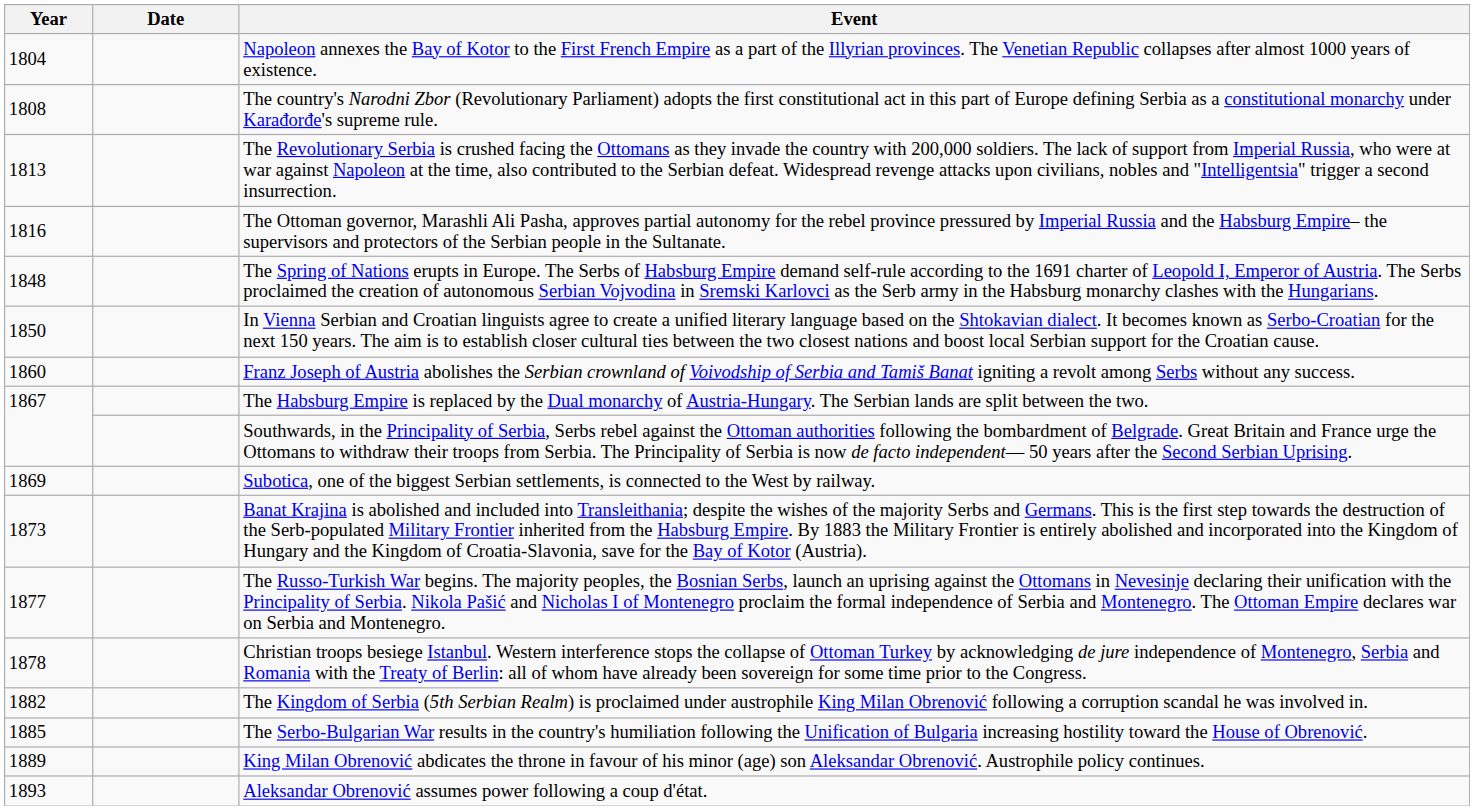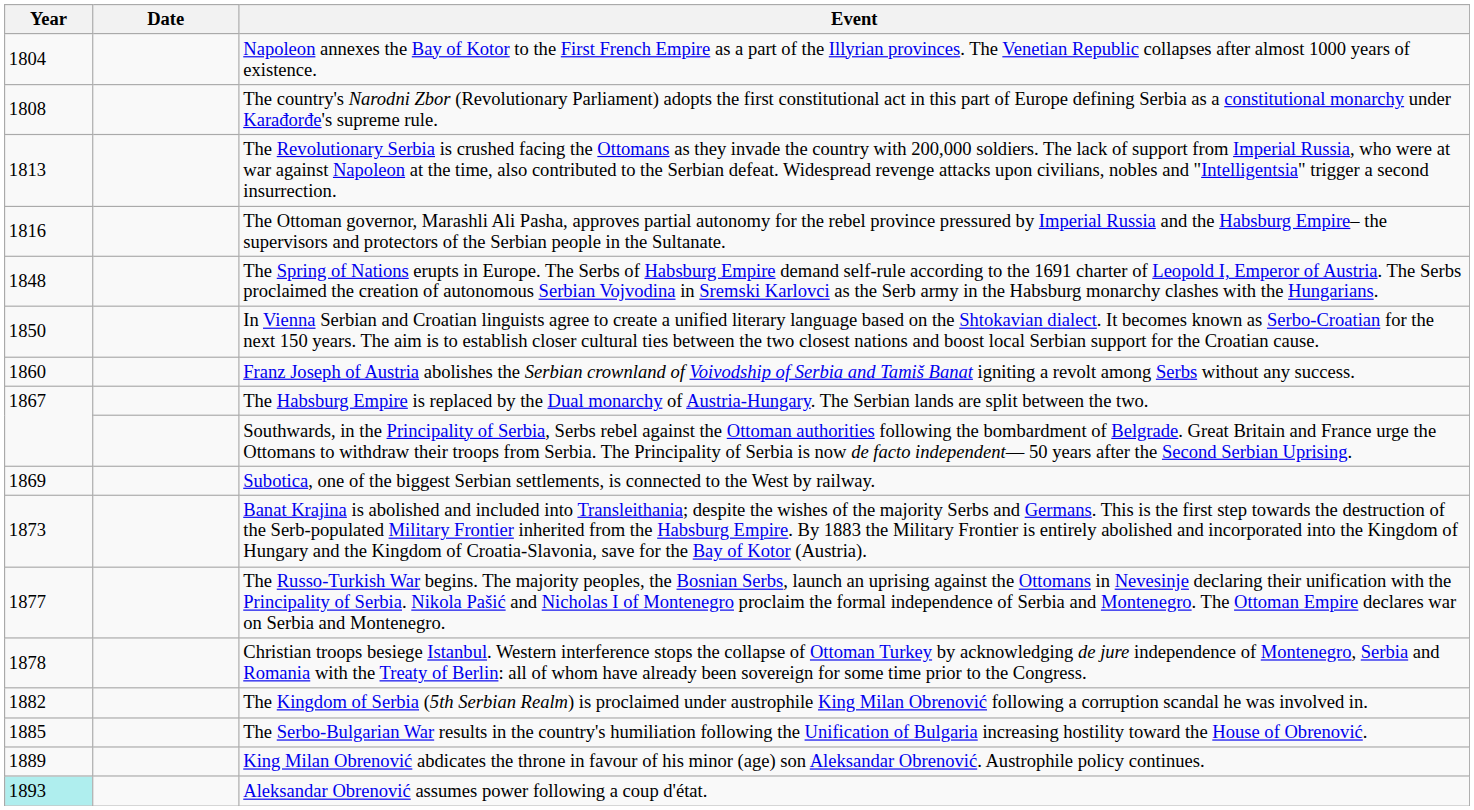 <table class="wikitable" width="100%">
 <tr>
 <th style="width:6%">Year</th>
 <th style="width:10%">Date</th>
 <th>Event</th>
 </tr>
 <tr>
 <td>1804</td>
 <td></td>
 <td><a href='#'>Napoleon</a> annexes the <a href='#'>Bay of Kotor</a> to the <a href='#'>First French Empire</a> as a part of the <a href='#'>Illyrian provinces</a>. The <a href='#'>Venetian Republic</a> collapses after almost 1000 years of existence.</td>
 </tr>
 <tr>
 <td>1808</td>
 <td></td>
 <td>The country's <em>Narodni Zbor</em> (Revolutionary Parliament) adopts the first constitutional act in this part of Europe defining Serbia as a <a href='#'>constitutional monarchy</a> under <a href='#'>Karađorđe</a>'s supreme rule.</td>
 </tr>
 <tr>
 <td>1813</td>
 <td></td>
 <td>The <a href='#'>Revolutionary Serbia</a> is crushed facing the <a href='#'>Ottomans</a> as they invade the country with 200,000 soldiers. The lack of support from <a href='#'>Imperial Russia</a>, who were at war against <a href='#'>Napoleon</a> at the time, also contributed to the Serbian defeat. Widespread revenge attacks upon civilians, nobles and "<a href='#'>Intelligentsia</a>" trigger a second insurrection.</td>
 </tr>
 <tr>
 <td>1816</td>
 <td></td>
 <td>The Ottoman governor, Marashli Ali Pasha, approves partial autonomy for the rebel province pressured by <a href='#'>Imperial Russia</a> and the <a href='#'>Habsburg Empire</a>– the supervisors and protectors of the Serbian people in the Sultanate.</td>
 </tr>
 <tr>
 <td>1848</td>
 <td></td>
 <td>The <a href='#'>Spring of Nations</a> erupts in Europe. The Serbs of <a href='#'>Habsburg Empire</a> demand self-rule according to the 1691 charter of <a href='#'>Leopold I, Emperor of Austria</a>. The Serbs proclaimed the creation of autonomous <a href='#'>Serbian Vojvodina</a> in <a href='#'>Sremski Karlovci</a> as the Serb army in the Habsburg monarchy clashes with the <a href='#'>Hungarians</a>.</td>
 </tr>
 <tr>
 <td>1850</td>
 <td></td>
 <td>In <a href='#'>Vienna</a> Serbian and Croatian linguists agree to create a unified literary language based on the <a href='#'>Shtokavian dialect</a>. It becomes known as <a href='#'>Serbo-Croatian</a> for the next 150 years. The aim is to establish closer cultural ties between the two closest nations and boost local Serbian support for the Croatian cause.</td>
 </tr>
 <tr>
 <td>1860</td>
 <td></td>
 <td><a href='#'>Franz Joseph of Austria</a> abolishes the <em>Serbian crownland of <a href='#'>Voivodship of Serbia and Tamiš Banat</a></em> igniting a revolt among <a href='#'>Serbs</a> without any success.</td>
 </tr>
 <tr>
 <td rowspan="2" valign="top">1867</td>
 <td></td>
 <td>The <a href='#'>Habsburg Empire</a> is replaced by the <a href='#'>Dual monarchy</a> of <a href='#'>Austria-Hungary</a>. The Serbian lands are split between the two.</td>
 </tr>
 <tr>
 <td></td>
 <td>Southwards, in the <a href='#'>Principality of Serbia</a>, Serbs rebel against the <a href='#'>Ottoman authorities</a> following the bombardment of <a href='#'>Belgrade</a>. Great Britain and France urge the Ottomans to withdraw their troops from Serbia. The Principality of Serbia is now <em>de facto independent</em>— 50 years after the <a href='#'>Second Serbian Uprising</a>.</td>
 </tr>
 <tr>
 <td>1869</td>
 <td></td>
 <td><a href='#'>Subotica</a>, one of the biggest Serbian settlements, is connected to the West by railway.</td>
 </tr>
 <tr>
 <td>1873</td>
 <td></td>
 <td><a href='#'>Banat Krajina</a> is abolished and included into <a href='#'>Transleithania</a>; despite the wishes of the majority Serbs and <a href='#'>Germans</a>. This is the first step towards the destruction of the Serb-populated <a href='#'>Military Frontier</a> inherited from the <a href='#'>Habsburg Empire</a>. By 1883 the Military Frontier is entirely abolished and incorporated into the Kingdom of Hungary and the Kingdom of Croatia-Slavonia, save for the <a href='#'>Bay of Kotor</a> (Austria).</td>
 </tr>
 <tr>
 <td>1877</td>
 <td></td>
 <td>The <a href='#'>Russo-Turkish War</a> begins. The majority peoples, the <a href='#'>Bosnian Serbs</a>, launch an uprising against the <a href='#'>Ottomans</a> in <a href='#'>Nevesinje</a> declaring their unification with the <a href='#'>Principality of Serbia</a>. <a href='#'>Nikola Pašić</a> and <a href='#'>Nicholas I of Montenegro</a> proclaim the formal independence of Serbia and <a href='#'>Montenegro</a>. The <a href='#'>Ottoman Empire</a> declares war on Serbia and Montenegro.</td>
 </tr>
 <tr>
 <td>1878</td>
 <td></td>
 <td>Christian troops besiege <a href='#'>Istanbul</a>. Western interference stops the collapse of <a href='#'>Ottoman Turkey</a> by acknowledging <em>de jure</em> independence of <a href='#'>Montenegro</a>, <a href='#'>Serbia</a> and <a href='#'>Romania</a> with the <a href='#'>Treaty of Berlin</a>: all of whom have already been sovereign for some time prior to the Congress.</td>
 </tr>
 <tr>
 <td>1882</td>
 <td></td>
 <td>The <a href='#'>Kingdom of Serbia</a> (<em>5th Serbian Realm</em>) is proclaimed under austrophile <a href='#'>King Milan Obrenović</a> following a corruption scandal he was involved in.</td>
 </tr>
 <tr>
 <td>1885</td>
 <td></td>
 <td>The <a href='#'>Serbo-Bulgarian War</a> results in the country's humiliation following the <a href='#'>Unification of Bulgaria</a> increasing hostility toward the <a href='#'>House of Obrenović</a>.</td>
 </tr>
 <tr>
 <td>1889</td>
 <td></td>
 <td><a href='#'>King Milan Obrenović</a> abdicates the throne in favour of his minor (age) son <a href='#'>Aleksandar Obrenović</a>. Austrophile policy continues.</td>
 </tr>
 <tr>
-<td>1893</td>
+<td style="background: paleturquoise;">1893</td>
 <td></td>
 <td><a href='#'>Aleksandar Obrenović</a> assumes power following a coup d'état.</td>
 </tr>
 </table>
